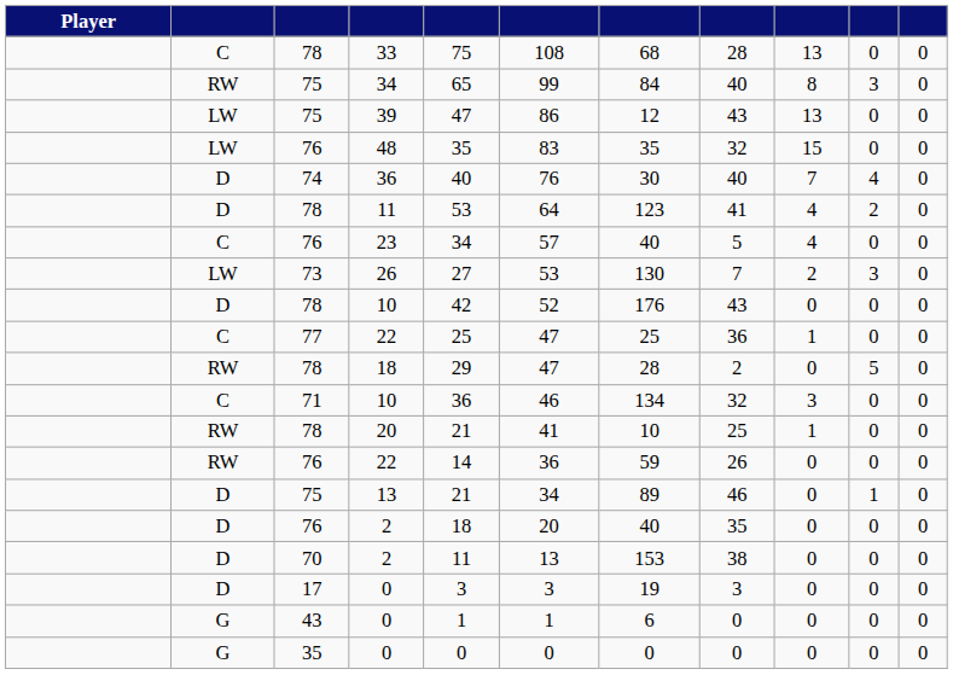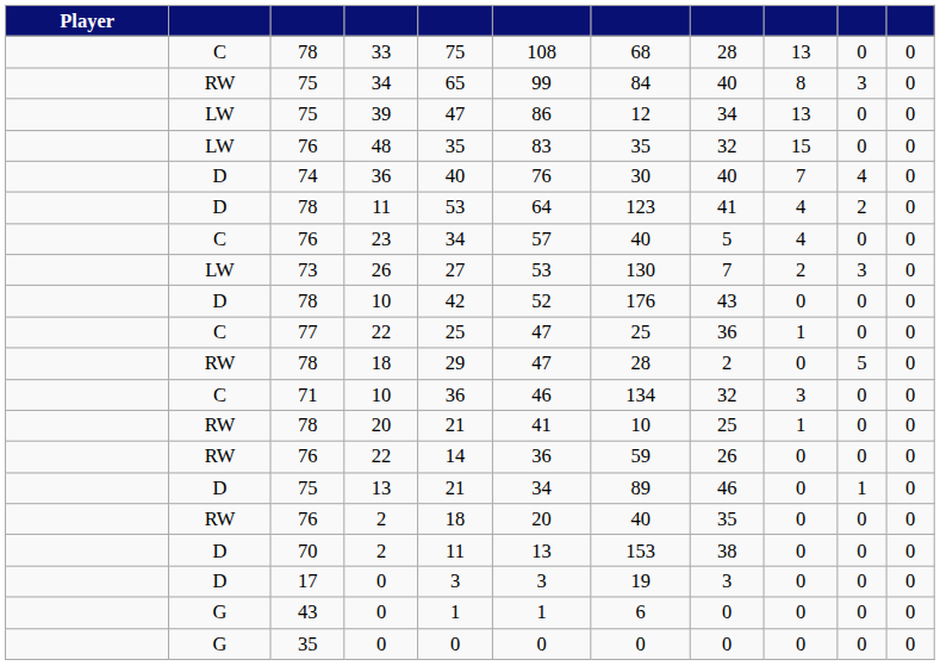 <table class="wikitable sortable" style="width:60%; text-align:center;">
 <tr align=center>
 <th style="color:white; background:#081073; ">Player</th>
 <th style="color:white; background:#081073; "></th>
 <th style="color:white; background:#081073; "></th>
 <th style="color:white;background:#081073; "></th>
 <th style="color:white;background:#081073; "></th>
 <th style="color:white;background:#081073; "></th>
 <th style="color:white;background:#081073; "></th>
 <th style="color:white; background:#081073; "></th>
 <th style="color:white;background:#081073; "></th>
 <th style="color:white;background:#081073; "></th>
 <th style="color:white;background:#081073; "></th>
 </tr>
 <tr>
 </tr>
 <tr align="center">
 <td align="right"></td>
 <td>C</td>
 <td>78</td>
 <td>33</td>
 <td>75</td>
 <td>108</td>
 <td>68</td>
 <td>28</td>
 <td>13</td>
 <td>0</td>
 <td>0</td>
 </tr>
 <tr align="center">
 <td align="right"></td>
 <td>RW</td>
 <td>75</td>
 <td>34</td>
 <td>65</td>
 <td>99</td>
 <td>84</td>
 <td>40</td>
 <td>8</td>
 <td>3</td>
 <td>0</td>
 </tr>
 <tr align="center">
 <td align="right"></td>
 <td>LW</td>
 <td>75</td>
 <td>39</td>
 <td>47</td>
 <td>86</td>
 <td>12</td>
-<td>43</td>
+<td>34</td>
 <td>13</td>
 <td>0</td>
 <td>0</td>
 </tr>
 <tr align="center">
 <td align="right"></td>
 <td>LW</td>
 <td>76</td>
 <td>48</td>
 <td>35</td>
 <td>83</td>
 <td>35</td>
 <td>32</td>
 <td>15</td>
 <td>0</td>
 <td>0</td>
 </tr>
 <tr align="center">
 <td align="right"></td>
 <td>D</td>
 <td>74</td>
 <td>36</td>
 <td>40</td>
 <td>76</td>
 <td>30</td>
 <td>40</td>
 <td>7</td>
 <td>4</td>
 <td>0</td>
 </tr>
 <tr align="center">
 <td align="right"></td>
 <td>D</td>
 <td>78</td>
 <td>11</td>
 <td>53</td>
 <td>64</td>
 <td>123</td>
 <td>41</td>
 <td>4</td>
 <td>2</td>
 <td>0</td>
 </tr>
 <tr align="center">
 <td align="right"></td>
 <td>C</td>
 <td>76</td>
 <td>23</td>
 <td>34</td>
 <td>57</td>
 <td>40</td>
 <td>5</td>
 <td>4</td>
 <td>0</td>
 <td>0</td>
 </tr>
 <tr align="center">
 <td align="right"></td>
 <td>LW</td>
 <td>73</td>
 <td>26</td>
 <td>27</td>
 <td>53</td>
 <td>130</td>
 <td>7</td>
 <td>2</td>
 <td>3</td>
 <td>0</td>
 </tr>
 <tr align="center">
 <td align="right"></td>
 <td>D</td>
 <td>78</td>
 <td>10</td>
 <td>42</td>
 <td>52</td>
 <td>176</td>
 <td>43</td>
 <td>0</td>
 <td>0</td>
 <td>0</td>
 </tr>
 <tr align="center">
 <td align="right"></td>
 <td>C</td>
 <td>77</td>
 <td>22</td>
 <td>25</td>
 <td>47</td>
 <td>25</td>
 <td>36</td>
 <td>1</td>
 <td>0</td>
 <td>0</td>
 </tr>
 <tr align="center">
 <td align="right"></td>
 <td>RW</td>
 <td>78</td>
 <td>18</td>
 <td>29</td>
 <td>47</td>
 <td>28</td>
 <td>2</td>
 <td>0</td>
 <td>5</td>
 <td>0</td>
 </tr>
 <tr align="center">
 <td align="right"></td>
 <td>C</td>
 <td>71</td>
 <td>10</td>
 <td>36</td>
 <td>46</td>
 <td>134</td>
 <td>32</td>
 <td>3</td>
 <td>0</td>
 <td>0</td>
 </tr>
 <tr align="center">
 <td align="right"></td>
 <td>RW</td>
 <td>78</td>
 <td>20</td>
 <td>21</td>
 <td>41</td>
 <td>10</td>
 <td>25</td>
 <td>1</td>
 <td>0</td>
 <td>0</td>
 </tr>
 <tr align="center">
 <td align="right"></td>
 <td>RW</td>
 <td>76</td>
 <td>22</td>
 <td>14</td>
 <td>36</td>
 <td>59</td>
 <td>26</td>
 <td>0</td>
 <td>0</td>
 <td>0</td>
 </tr>
 <tr align="center">
 <td align="right"></td>
 <td>D</td>
 <td>75</td>
 <td>13</td>
 <td>21</td>
 <td>34</td>
 <td>89</td>
 <td>46</td>
 <td>0</td>
 <td>1</td>
 <td>0</td>
 </tr>
 <tr align="center">
 <td align="right"></td>
-<td>D</td>
+<td>RW</td>
 <td>76</td>
 <td>2</td>
 <td>18</td>
 <td>20</td>
 <td>40</td>
 <td>35</td>
 <td>0</td>
 <td>0</td>
 <td>0</td>
 </tr>
 <tr align="center">
 <td align="right"></td>
 <td>D</td>
 <td>70</td>
 <td>2</td>
 <td>11</td>
 <td>13</td>
 <td>153</td>
 <td>38</td>
 <td>0</td>
 <td>0</td>
 <td>0</td>
 </tr>
 <tr align="center">
 <td align="right"></td>
 <td>D</td>
 <td>17</td>
 <td>0</td>
 <td>3</td>
 <td>3</td>
 <td>19</td>
 <td>3</td>
 <td>0</td>
 <td>0</td>
 <td>0</td>
 </tr>
 <tr align="center">
 <td align="right"></td>
 <td>G</td>
 <td>43</td>
 <td>0</td>
 <td>1</td>
 <td>1</td>
 <td>6</td>
 <td>0</td>
 <td>0</td>
 <td>0</td>
 <td>0</td>
 </tr>
 <tr align="center">
 <td align="right"></td>
 <td>G</td>
 <td>35</td>
 <td>0</td>
 <td>0</td>
 <td>0</td>
 <td>0</td>
 <td>0</td>
 <td>0</td>
 <td>0</td>
 <td>0</td>
 </tr>
 </table>
